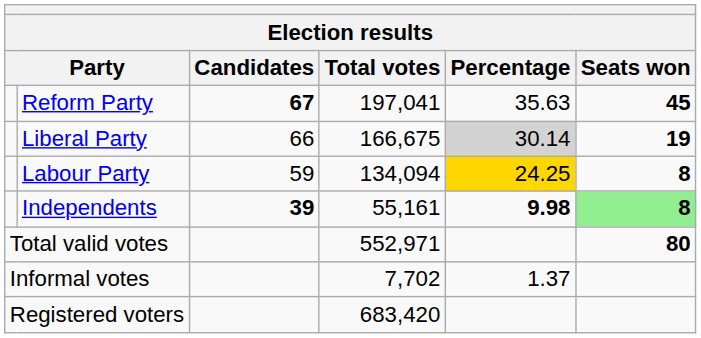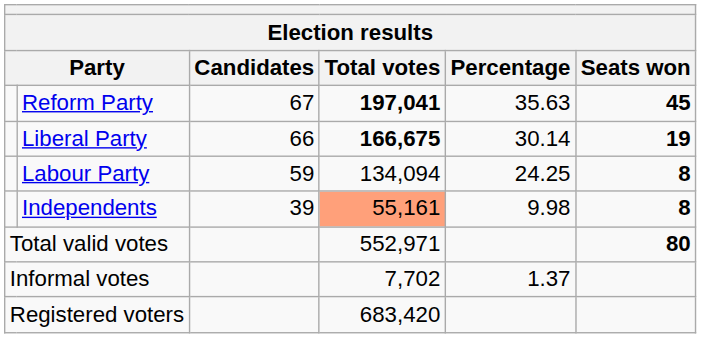 <table class=wikitable style="text-align:right">
 <tr>
 <th colspan=6></th>
 </tr>
 <tr>
 <th colspan=6>Election results</th>
 </tr>
 <tr>
 <th colspan=2>Party</th>
 <th>Candidates</th>
 <th>Total votes</th>
 <th>Percentage</th>
 <th>Seats won</th>
 </tr>
 <tr>
 <td></td>
 <td align=left><a href='#'>Reform Party</a></td>
-<td><strong>67</strong></td>
-<td>197,041</td>
+<td>67</td>
+<td><strong>197,041</strong></td>
 <td>35.63</td>
 <td><strong>45</strong></td>
 </tr>
 <tr>
 <td></td>
 <td align=left><a href='#'>Liberal Party</a></td>
 <td>66</td>
-<td>166,675</td>
-<td style="background: lightgrey;">30.14</td>
+<td><strong>166,675</strong></td>
+<td>30.14</td>
 <td><strong>19</strong></td>
 </tr>
 <tr>
 <td></td>
 <td align=left><a href='#'>Labour Party</a></td>
 <td>59</td>
 <td>134,094</td>
-<td style="background: gold;">24.25</td>
+<td>24.25</td>
 <td><strong>8</strong></td>
 </tr>
 <tr>
 <td></td>
 <td align=left><a href='#'>Independents</a></td>
-<td><strong>39</strong></td>
-<td>55,161</td>
-<td><strong>9.98</strong></td>
-<td style="background: lightgreen;"><strong>8</strong></td>
+<td>39</td>
+<td style="background: lightsalmon;">55,161</td>
+<td>9.98</td>
+<td><strong>8</strong></td>
 </tr>
 <tr>
 <td colspan=2 align=left>Total valid votes</td>
 <td></td>
 <td>552,971</td>
 <td></td>
 <td><strong>80</strong></td>
 </tr>
 <tr>
 <td colspan=2 align=left>Informal votes</td>
 <td></td>
 <td>7,702</td>
 <td>1.37</td>
 <td></td>
 </tr>
 <tr>
 <td colspan=2 align=left>Registered voters</td>
 <td></td>
 <td>683,420</td>
 <td></td>
 <td></td>
 </tr>
 </table>
